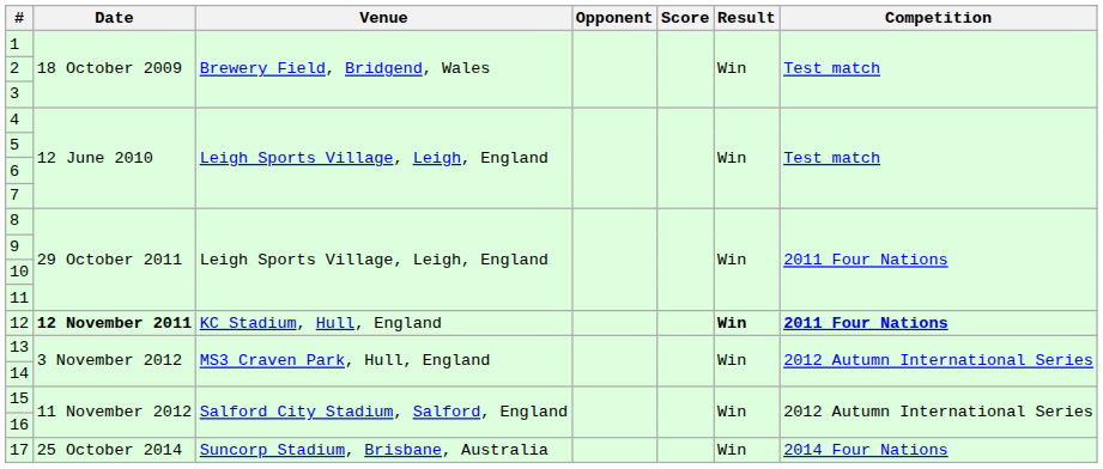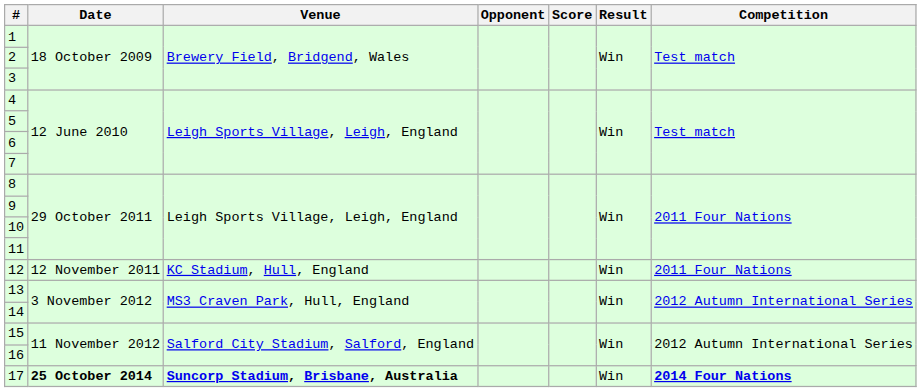 <table class="wikitable collapsible" style="font-size:85%;">
 <tr>
 <th>#</th>
 <th>Date</th>
 <th>Venue</th>
 <th>Opponent</th>
 <th>Score</th>
 <th>Result</th>
 <th>Competition</th>
 </tr>
 <tr style="background:#dfd;">
 <td>1</td>
 <td rowspan=3>18 October 2009</td>
 <td rowspan=3><a href='#'>Brewery Field</a>, <a href='#'>Bridgend</a>, Wales</td>
 <td rowspan=3></td>
 <td rowspan=3></td>
 <td rowspan=3>Win</td>
 <td rowspan=3><a href='#'>Test match</a></td>
 </tr>
 <tr style="background:#dfd;">
 <td>2</td>
 </tr>
 <tr style="background:#dfd;">
 <td>3</td>
 </tr>
 <tr style="background:#dfd;">
 <td>4</td>
 <td rowspan=4>12 June 2010</td>
 <td rowspan=4><a href='#'>Leigh Sports Village</a>, <a href='#'>Leigh</a>, England</td>
 <td rowspan=4></td>
 <td rowspan=4></td>
 <td rowspan=4>Win</td>
 <td rowspan=4><a href='#'>Test match</a></td>
 </tr>
 <tr style="background:#dfd;">
 <td>5</td>
 </tr>
 <tr style="background:#dfd;">
 <td>6</td>
 </tr>
 <tr style="background:#dfd;">
 <td>7</td>
 </tr>
 <tr style="background:#dfd;">
 <td>8</td>
 <td rowspan=4>29 October 2011</td>
 <td rowspan=4>Leigh Sports Village, Leigh, England</td>
 <td rowspan=4></td>
 <td rowspan=4></td>
 <td rowspan=4>Win</td>
 <td rowspan=4><a href='#'>2011 Four Nations</a></td>
 </tr>
 <tr style="background:#dfd;">
 <td>9</td>
 </tr>
 <tr style="background:#dfd;">
 <td>10</td>
 </tr>
 <tr style="background:#dfd;">
 <td>11</td>
 </tr>
 <tr style="background:#dfd;">
 <td>12</td>
-<td rowespan=1><strong>12 November 2011</strong></td>
+<td rowespan=1>12 November 2011</td>
 <td><a href='#'>KC Stadium</a>, <a href='#'>Hull</a>, England</td>
 <td></td>
 <td></td>
-<td><strong>Win</strong></td>
-<td rowspan><strong><a href='#'>2011 Four Nations</a></strong></td>
+<td>Win</td>
+<td rowspan><a href='#'>2011 Four Nations</a></td>
 </tr>
 <tr style="background:#dfd;">
 <td>13</td>
 <td rowspan=2>3 November 2012</td>
 <td rowspan=2><a href='#'>MS3 Craven Park</a>, Hull, England</td>
 <td rowspan=2></td>
 <td rowspan=2></td>
 <td rowspan=2>Win</td>
 <td rowspan=2><a href='#'>2012 Autumn International Series</a></td>
 </tr>
 <tr style="background:#dfd;">
 <td>14</td>
 </tr>
 <tr style="background:#dfd;">
 <td>15</td>
 <td rowspan=2>11 November 2012</td>
 <td rowspan=2><a href='#'>Salford City Stadium</a>, <a href='#'>Salford</a>, England</td>
 <td rowspan=2></td>
 <td rowspan=2></td>
 <td rowspan=2>Win</td>
 <td rowspan=2>2012 Autumn International Series</td>
 </tr>
 <tr style="background:#dfd;">
 <td>16</td>
 </tr>
 <tr style="background:#dfd;">
 <td>17</td>
-<td>25 October 2014</td>
-<td><a href='#'>Suncorp Stadium</a>, <a href='#'>Brisbane</a>, Australia</td>
+<td><strong>25 October 2014</strong></td>
+<td><strong><a href='#'>Suncorp Stadium</a>, <a href='#'>Brisbane</a>, Australia</strong></td>
 <td></td>
 <td></td>
 <td>Win</td>
-<td><a href='#'>2014 Four Nations</a></td>
+<td><strong><a href='#'>2014 Four Nations</a></strong></td>
 </tr>
 </table>
